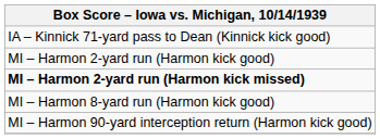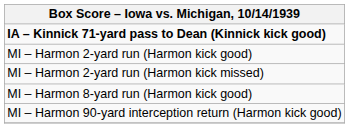 <table class="wikitable">
 <tr>
 <th>Box Score – Iowa vs. Michigan, 10/14/1939</th>
 </tr>
 <tr>
-<td>IA – Kinnick 71-yard pass to Dean (Kinnick kick good)</td>
+<td><strong>IA – Kinnick 71-yard pass to Dean (Kinnick kick good)</strong></td>
 </tr>
 <tr>
 <td>MI – Harmon 2-yard run (Harmon kick good)</td>
 </tr>
 <tr>
-<td><strong>MI – Harmon 2-yard run (Harmon kick missed)</strong></td>
+<td>MI – Harmon 2-yard run (Harmon kick missed)</td>
 </tr>
 <tr>
 <td>MI – Harmon 8-yard run (Harmon kick good)</td>
 </tr>
 <tr>
 <td>MI – Harmon 90-yard interception return (Harmon kick good)</td>
 </tr>
 <tr>
 </tr>
 </table>
